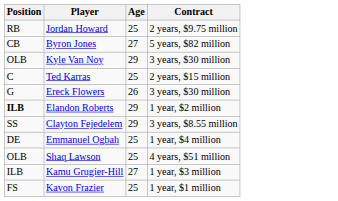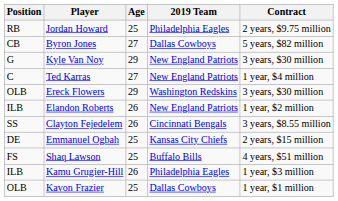 <table class="wikitable">
 <tr>
 <th>Position</th>
 <th>Player</th>
 <th>Age</th>
+<th>2019 Team</th>
 <th>Contract</th>
 </tr>
 <tr>
 <td>RB</td>
 <td><a href='#'>Jordan Howard</a></td>
 <td>25</td>
+<td><a href='#'>Philadelphia Eagles</a></td>
 <td>2 years, $9.75 million</td>
 </tr>
 <tr>
 <td>CB</td>
 <td><a href='#'>Byron Jones</a></td>
 <td>27</td>
+<td><a href='#'>Dallas Cowboys</a></td>
 <td>5 years, $82 million</td>
 </tr>
 <tr>
-<td>OLB</td>
+<td>G</td>
 <td><a href='#'>Kyle Van Noy</a></td>
 <td>29</td>
+<td><a href='#'>New England Patriots</a></td>
 <td>3 years, $30 million</td>
 </tr>
 <tr>
 <td>C</td>
 <td><a href='#'>Ted Karras</a></td>
-<td>25</td>
-<td>2 years, $15 million</td>
+<td>27</td>
+<td><a href='#'>New England Patriots</a></td>
+<td>1 year, $4 million</td>
 </tr>
 <tr>
-<td>G</td>
+<td>OLB</td>
 <td><a href='#'>Ereck Flowers</a></td>
-<td>26</td>
+<td>29</td>
+<td><a href='#'>Washington Redskins</a></td>
 <td>3 years, $30 million</td>
 </tr>
 <tr>
-<td><strong>ILB</strong></td>
+<td>ILB</td>
 <td><a href='#'>Elandon Roberts</a></td>
-<td>29</td>
+<td>26</td>
+<td><a href='#'>New England Patriots</a></td>
 <td>1 year, $2 million</td>
 </tr>
 <tr>
 <td>SS</td>
 <td><a href='#'>Clayton Fejedelem</a></td>
-<td>29</td>
+<td>26</td>
+<td><a href='#'>Cincinnati Bengals</a></td>
 <td>3 years, $8.55 million</td>
 </tr>
 <tr>
 <td>DE</td>
 <td><a href='#'>Emmanuel Ogbah</a></td>
 <td>25</td>
-<td>1 year, $4 million</td>
+<td><a href='#'>Kansas City Chiefs</a></td>
+<td>2 years, $15 million</td>
 </tr>
 <tr>
-<td>OLB</td>
+<td>FS</td>
 <td><a href='#'>Shaq Lawson</a></td>
 <td>25</td>
+<td><a href='#'>Buffalo Bills</a></td>
 <td>4 years, $51 million</td>
 </tr>
 <tr>
 <td>ILB</td>
 <td><a href='#'>Kamu Grugier-Hill</a></td>
-<td>27</td>
+<td>26</td>
+<td><a href='#'>Philadelphia Eagles</a></td>
 <td>1 year, $3 million</td>
 </tr>
 <tr>
-<td>FS</td>
+<td>OLB</td>
 <td><a href='#'>Kavon Frazier</a></td>
 <td>25</td>
+<td><a href='#'>Dallas Cowboys</a></td>
 <td>1 year, $1 million</td>
 </tr>
 </table>
